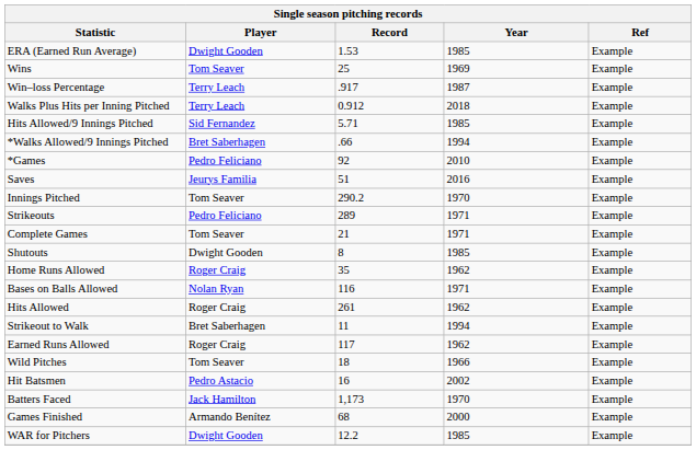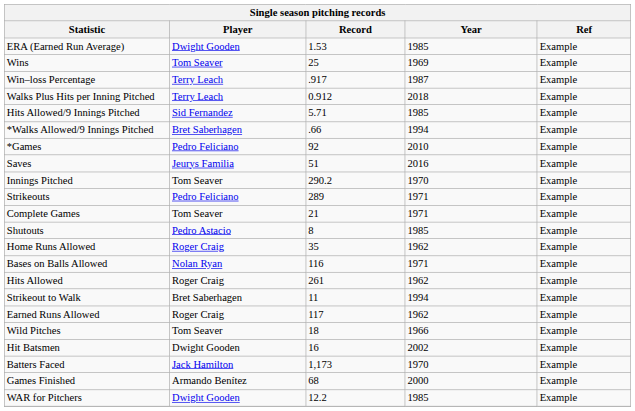 <table class="sortable wikitable" style="text-align:left" width="60%">
 <tr>
 <th colspan=5>Single season pitching records</th>
 </tr>
 <tr>
 <th scope="col" width=10%>Statistic</th>
 <th scope="col" width=8%>Player</th>
 <th scope="col" width=6% class="unsortable">Record</th>
 <th scope="col" width=8%>Year</th>
 <th scope="col" width=5% class="unsortable">Ref</th>
 </tr>
 <tr>
 <td>ERA (Earned Run Average)</td>
 <td><a href='#'>Dwight Gooden</a></td>
 <td>1.53</td>
 <td>1985</td>
 <td>Example</td>
 </tr>
 <tr>
 <td>Wins</td>
 <td><a href='#'>Tom Seaver</a></td>
 <td>25</td>
 <td>1969</td>
 <td>Example</td>
 </tr>
 <tr>
 <td>Win–loss Percentage</td>
 <td><a href='#'>Terry Leach</a></td>
 <td>.917</td>
 <td>1987</td>
 <td>Example</td>
 </tr>
 <tr>
 <td>Walks Plus Hits per Inning Pitched</td>
 <td><a href='#'>Terry Leach</a></td>
 <td>0.912</td>
 <td>2018</td>
 <td>Example</td>
 </tr>
 <tr>
 <td>Hits Allowed/9 Innings Pitched</td>
 <td><a href='#'>Sid Fernandez</a></td>
 <td>5.71</td>
 <td>1985</td>
 <td>Example</td>
 </tr>
 <tr>
 <td>*Walks Allowed/9 Innings Pitched</td>
 <td><a href='#'>Bret Saberhagen</a></td>
 <td>.66</td>
 <td>1994</td>
 <td>Example</td>
 </tr>
 <tr>
 <td>*Games</td>
 <td><a href='#'>Pedro Feliciano</a></td>
 <td>92</td>
 <td>2010</td>
 <td>Example</td>
 </tr>
 <tr>
 <td>Saves</td>
 <td><a href='#'>Jeurys Familia</a></td>
 <td>51</td>
 <td>2016</td>
 <td>Example</td>
 </tr>
 <tr>
 <td>Innings Pitched</td>
 <td>Tom Seaver</td>
 <td>290.2</td>
 <td>1970</td>
 <td>Example</td>
 </tr>
 <tr>
 <td>Strikeouts</td>
 <td><a href='#'>Pedro Feliciano</a></td>
 <td>289</td>
 <td>1971</td>
 <td>Example</td>
 </tr>
 <tr>
 <td>Complete Games</td>
 <td>Tom Seaver</td>
 <td>21</td>
 <td>1971</td>
 <td>Example</td>
 </tr>
 <tr>
 <td>Shutouts</td>
-<td>Dwight Gooden</td>
+<td><a href='#'>Pedro Astacio</a></td>
 <td>8</td>
 <td>1985</td>
 <td>Example</td>
 </tr>
 <tr>
 <td>Home Runs Allowed</td>
 <td><a href='#'>Roger Craig</a></td>
 <td>35</td>
 <td>1962</td>
 <td>Example</td>
 </tr>
 <tr>
 <td>Bases on Balls Allowed</td>
 <td><a href='#'>Nolan Ryan</a></td>
 <td>116</td>
 <td>1971</td>
 <td>Example</td>
 </tr>
 <tr>
 <td>Hits Allowed</td>
 <td>Roger Craig</td>
 <td>261</td>
 <td>1962</td>
 <td>Example</td>
 </tr>
 <tr>
 <td>Strikeout to Walk</td>
 <td>Bret Saberhagen</td>
 <td>11</td>
 <td>1994</td>
 <td>Example</td>
 </tr>
 <tr>
 <td>Earned Runs Allowed</td>
 <td>Roger Craig</td>
 <td>117</td>
 <td>1962</td>
 <td>Example</td>
 </tr>
 <tr>
 <td>Wild Pitches</td>
 <td>Tom Seaver</td>
 <td>18</td>
 <td>1966</td>
 <td>Example</td>
 </tr>
 <tr>
 <td>Hit Batsmen</td>
-<td><a href='#'>Pedro Astacio</a></td>
+<td>Dwight Gooden</td>
 <td>16</td>
 <td>2002</td>
 <td>Example</td>
 </tr>
 <tr>
 <td>Batters Faced</td>
 <td><a href='#'>Jack Hamilton</a></td>
 <td>1,173</td>
 <td>1970</td>
 <td>Example</td>
 </tr>
 <tr>
 <td>Games Finished</td>
 <td>Armando Benítez</td>
 <td>68</td>
 <td>2000</td>
 <td>Example</td>
 </tr>
 <tr>
 <td>WAR for Pitchers</td>
 <td><a href='#'>Dwight Gooden</a></td>
 <td>12.2</td>
 <td>1985</td>
 <td>Example</td>
 </tr>
 <tr>
 </tr>
 </table>
